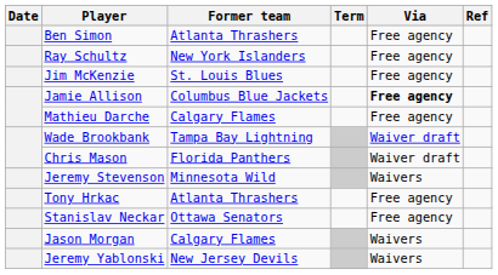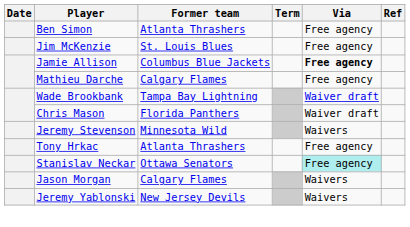 <table class="wikitable plainrowheaders">
 <tr style="background:#ddd; text-align:center;">
 <th>Date</th>
 <th>Player</th>
 <th>Former team</th>
 <th>Term</th>
 <th>Via</th>
 <th>Ref</th>
 </tr>
 <tr>
 <th scope="row"></th>
 <td><a href='#'>Ben Simon</a></td>
 <td><a href='#'>Atlanta Thrashers</a></td>
-<td></td>
-<td>Free agency</td>
-<td></td>
-</tr>
-<tr>
-<th scope="row"></th>
-<td><a href='#'>Ray Schultz</a></td>
-<td><a href='#'>New York Islanders</a></td>
 <td></td>
 <td>Free agency</td>
 <td></td>
 </tr>
 <tr>
 <th scope="row"></th>
 <td><a href='#'>Jim McKenzie</a></td>
 <td><a href='#'>St. Louis Blues</a></td>
 <td></td>
 <td>Free agency</td>
 <td></td>
 </tr>
 <tr>
 <th scope="row" rowspan=2></th>
 <td><a href='#'>Jamie Allison</a></td>
 <td><a href='#'>Columbus Blue Jackets</a></td>
 <td></td>
 <td><strong>Free agency</strong></td>
 <td></td>
 </tr>
 <tr>
 <td><a href='#'>Mathieu Darche</a></td>
 <td><a href='#'>Calgary Flames</a></td>
 <td></td>
 <td>Free agency</td>
 <td></td>
 </tr>
 <tr>
 <th scope="row" rowspan=2></th>
 <td><a href='#'>Wade Brookbank</a></td>
 <td><a href='#'>Tampa Bay Lightning</a></td>
 <td style="background:#ccc"></td>
 <td><a href='#'>Waiver draft</a></td>
 <td></td>
 </tr>
 <tr>
 <td><a href='#'>Chris Mason</a></td>
 <td><a href='#'>Florida Panthers</a></td>
 <td style="background:#ccc"></td>
 <td>Waiver draft</td>
 <td></td>
 </tr>
 <tr>
 <th scope="row"></th>
 <td><a href='#'>Jeremy Stevenson</a></td>
 <td><a href='#'>Minnesota Wild</a></td>
 <td style="background:#ccc"></td>
 <td>Waivers</td>
 <td></td>
 </tr>
 <tr>
 <th scope="row"></th>
 <td><a href='#'>Tony Hrkac</a></td>
 <td><a href='#'>Atlanta Thrashers</a></td>
 <td></td>
 <td>Free agency</td>
 <td></td>
 </tr>
 <tr>
 <th scope="row"></th>
 <td><a href='#'>Stanislav Neckar</a></td>
 <td><a href='#'>Ottawa Senators</a></td>
 <td></td>
-<td>Free agency</td>
+<td style="background: paleturquoise;">Free agency</td>
 <td></td>
 </tr>
 <tr>
 <th scope="row"></th>
 <td><a href='#'>Jason Morgan</a></td>
 <td><a href='#'>Calgary Flames</a></td>
 <td style="background:#ccc"></td>
 <td>Waivers</td>
 <td></td>
 </tr>
 <tr>
 <th scope="row"></th>
 <td><a href='#'>Jeremy Yablonski</a></td>
 <td><a href='#'>New Jersey Devils</a></td>
 <td style="background:#ccc"></td>
 <td>Waivers</td>
 <td></td>
 </tr>
 </table>
